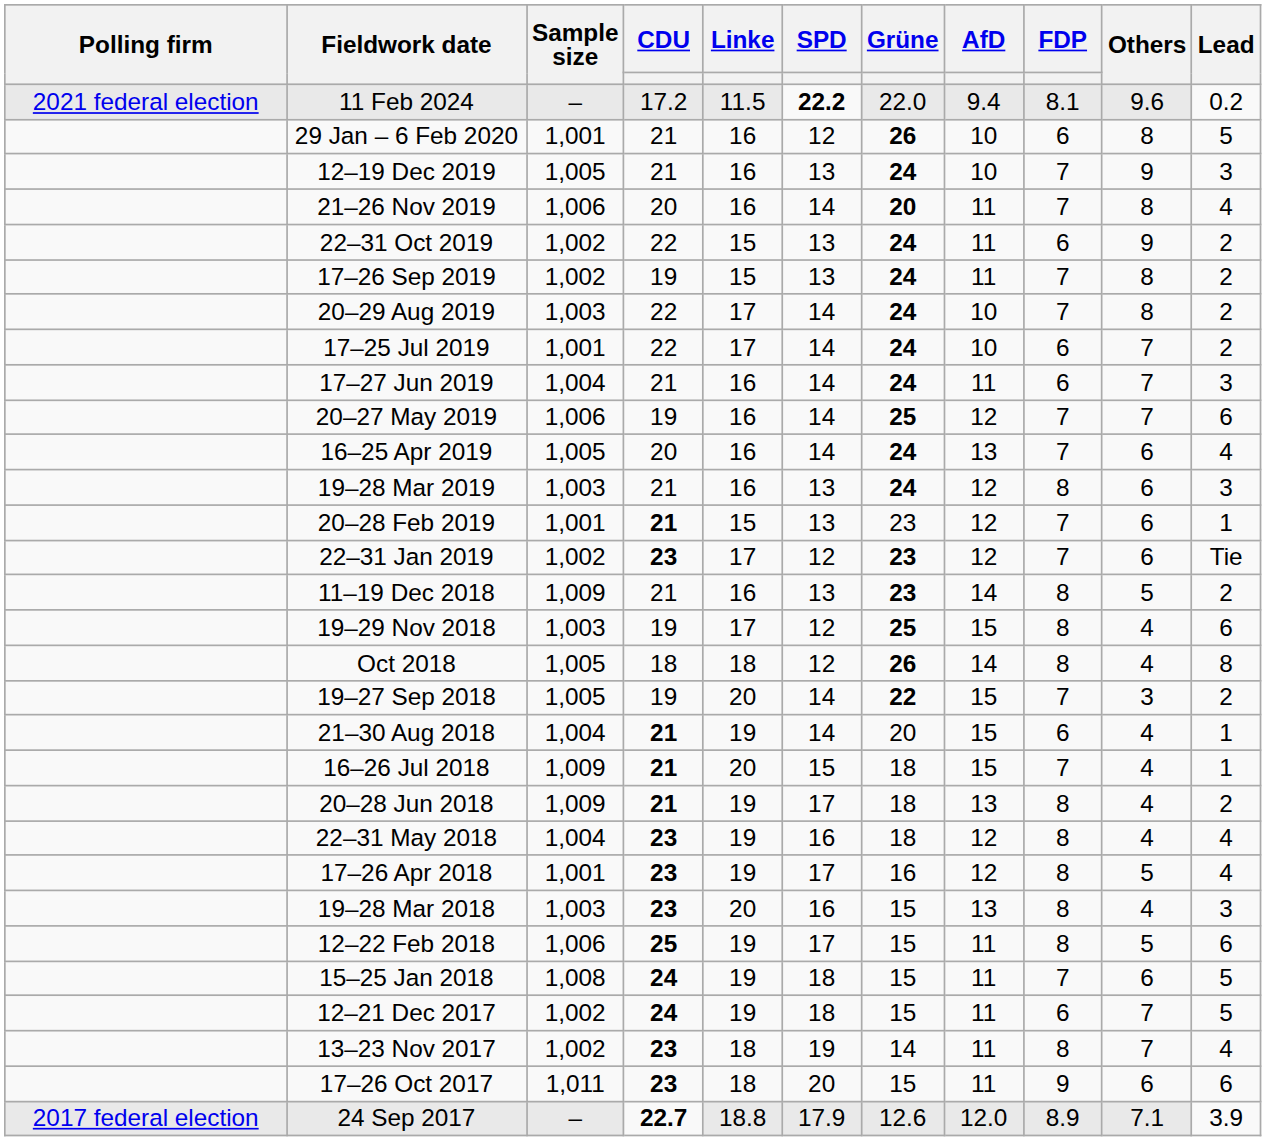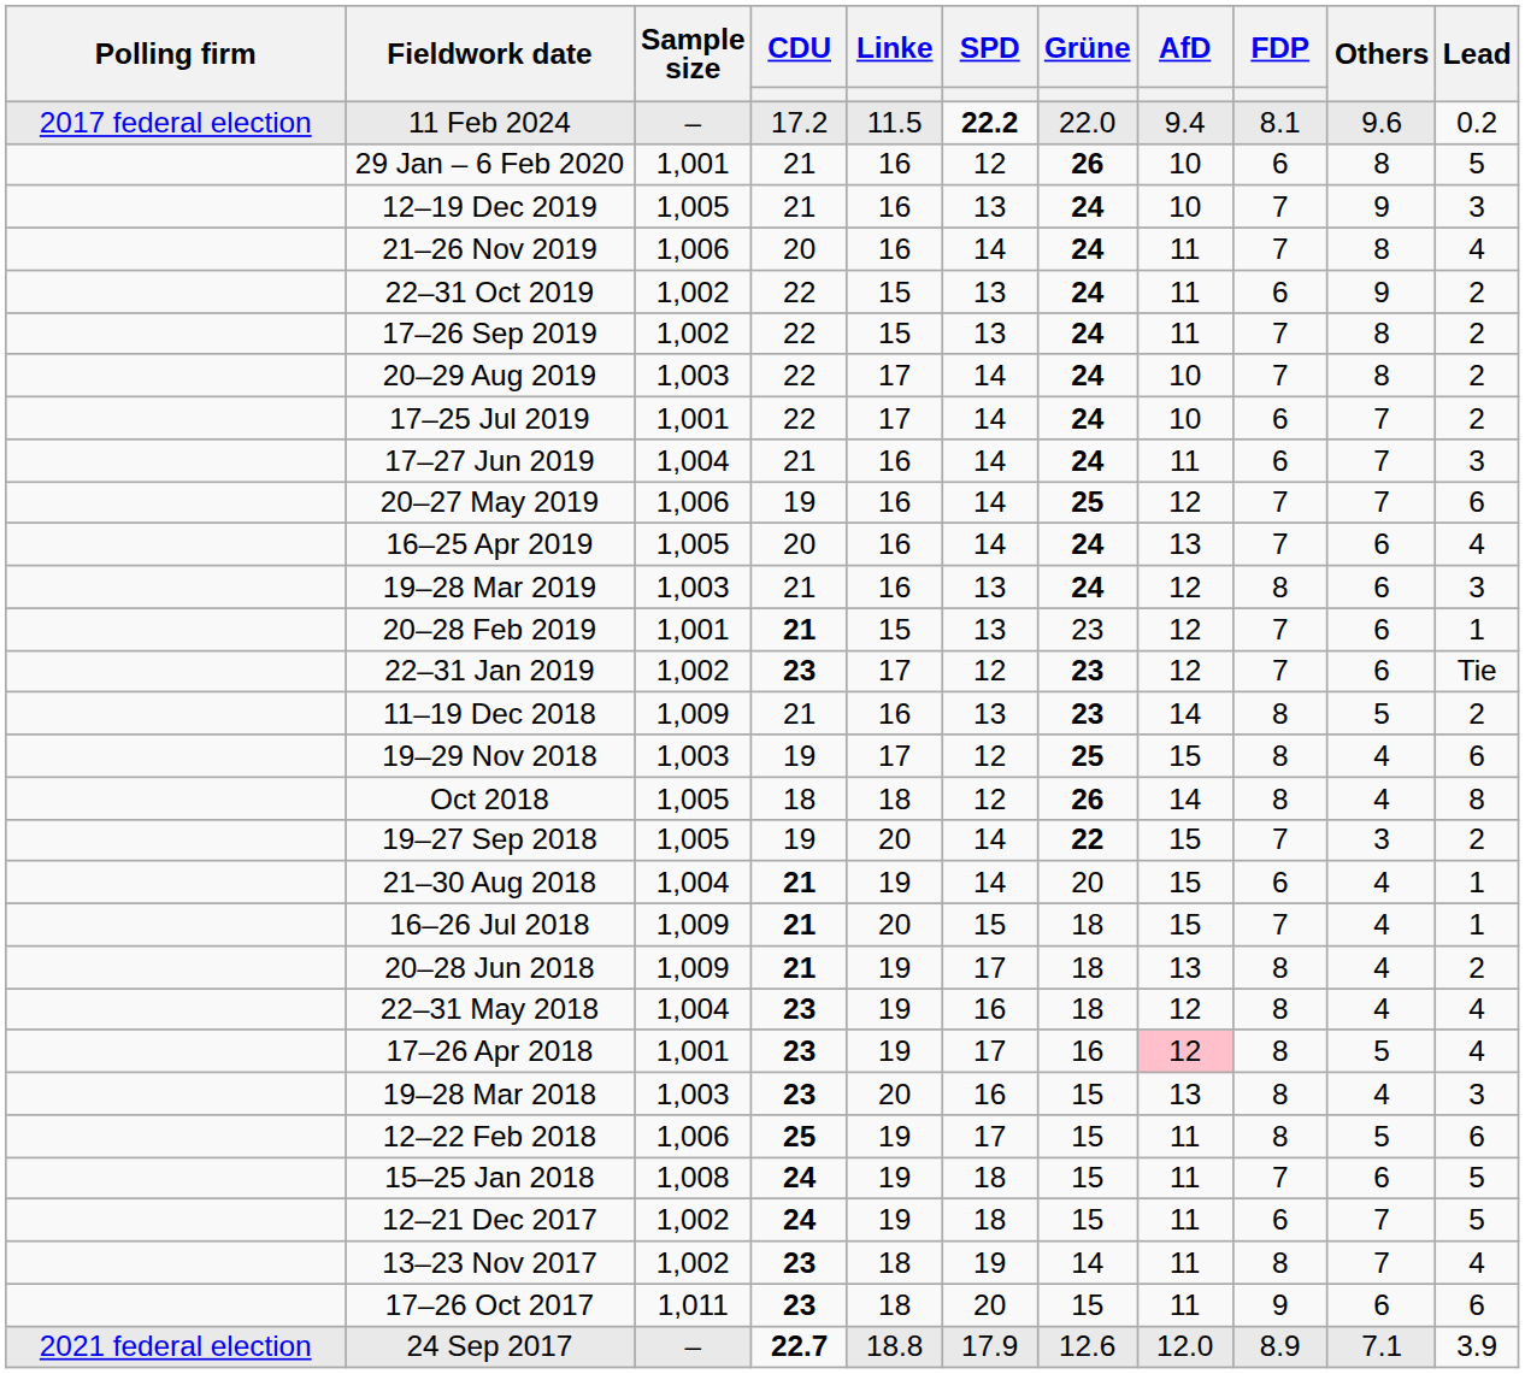 <table class="wikitable sortable mw-datatable" style="text-align:center;font-size:90%;line-height:14px;">
 <tr style="height:40px;">
 <th style="width:160px;" rowspan="2">Polling firm</th>
 <th style="width:135px;" rowspan="2">Fieldwork date</th>
 <th style="width:35px;" rowspan="2">Sample<br>size</th>
 <th class="unsortable" style="width:40px;"><a href='#'>CDU</a></th>
 <th class="unsortable" style="width:40px;"><a href='#'>Linke</a></th>
 <th class="unsortable" style="width:40px;"><a href='#'>SPD</a></th>
 <th class="unsortable" style="width:40px;"><a href='#'>Grüne</a></th>
 <th class="unsortable" style="width:40px;"><a href='#'>AfD</a></th>
 <th class="unsortable" style="width:40px;"><a href='#'>FDP</a></th>
 <th class="unsortable" style="width:30px;" rowspan="2">Others</th>
 <th style="width:30px;" rowspan="2">Lead</th>
 </tr>
 <tr>
 <th style="background:"></th>
 <th style="background:"></th>
 <th style="background:"></th>
 <th style="background:"></th>
 <th style="background:"></th>
 <th style="background:"></th>
 </tr>
 <tr>
-<td style="background:#E9E9E9;"><a href='#'>2021 federal election</a></td>
+<td style="background:#E9E9E9;"><a href='#'>2017 federal election</a></td>
 <td style="background:#E9E9E9;" data-sort-value="2024-02-11">11 Feb 2024</td>
 <td style="background:#E9E9E9;">–</td>
 <td style="background:#E9E9E9;">17.2</td>
 <td style="background:#E9E9E9;">11.5</td>
 <td><strong>22.2</strong></td>
 <td style="background:#E9E9E9;">22.0</td>
 <td style="background:#E9E9E9;">9.4</td>
 <td style="background:#E9E9E9;">8.1</td>
 <td style="background:#E9E9E9;">9.6</td>
 <td style="background:">0.2</td>
 </tr>
 <tr>
 <td></td>
 <td data-sort-value="2020-02-11">29 Jan – 6 Feb 2020</td>
 <td>1,001</td>
 <td>21</td>
 <td>16</td>
 <td>12</td>
 <td><strong>26</strong></td>
 <td>10</td>
 <td>6</td>
 <td>8</td>
 <td style="background:">5</td>
 </tr>
 <tr>
 <td></td>
 <td data-sort-value="2019-12-26">12–19 Dec 2019</td>
 <td>1,005</td>
 <td>21</td>
 <td>16</td>
 <td>13</td>
 <td><strong>24</strong></td>
 <td>10</td>
 <td>7</td>
 <td>9</td>
 <td style="background:">3</td>
 </tr>
 <tr>
 <td></td>
 <td data-sort-value="2019-11-26">21–26 Nov 2019</td>
 <td>1,006</td>
 <td>20</td>
 <td>16</td>
 <td>14</td>
-<td><strong>20</strong></td>
+<td><strong>24</strong></td>
 <td>11</td>
 <td>7</td>
 <td>8</td>
 <td style="background:">4</td>
 </tr>
 <tr>
 <td></td>
 <td data-sort-value="2019-10-31">22–31 Oct 2019</td>
 <td>1,002</td>
 <td>22</td>
 <td>15</td>
 <td>13</td>
 <td><strong>24</strong></td>
 <td>11</td>
 <td>6</td>
 <td>9</td>
 <td style="background:">2</td>
 </tr>
 <tr>
 <td></td>
 <td data-sort-value="2019-09-26">17–26 Sep 2019</td>
 <td>1,002</td>
-<td>19</td>
+<td>22</td>
 <td>15</td>
 <td>13</td>
 <td><strong>24</strong></td>
 <td>11</td>
 <td>7</td>
 <td>8</td>
 <td style="background:">2</td>
 </tr>
 <tr>
 <td></td>
 <td data-sort-value="2019-08-29">20–29 Aug 2019</td>
 <td>1,003</td>
 <td>22</td>
 <td>17</td>
 <td>14</td>
 <td><strong>24</strong></td>
 <td>10</td>
 <td>7</td>
 <td>8</td>
 <td style="background:">2</td>
 </tr>
 <tr>
 <td></td>
 <td data-sort-value="2019-06-27">17–25 Jul 2019</td>
 <td>1,001</td>
 <td>22</td>
 <td>17</td>
 <td>14</td>
 <td><strong>24</strong></td>
 <td>10</td>
 <td>6</td>
 <td>7</td>
 <td style="background:">2</td>
 </tr>
 <tr>
 <td></td>
 <td data-sort-value="2019-06-27">17–27 Jun 2019</td>
 <td>1,004</td>
 <td>21</td>
 <td>16</td>
 <td>14</td>
 <td><strong>24</strong></td>
 <td>11</td>
 <td>6</td>
 <td>7</td>
 <td style="background:">3</td>
 </tr>
 <tr>
 <td></td>
 <td data-sort-value="2019-05-27">20–27 May 2019</td>
 <td>1,006</td>
 <td>19</td>
 <td>16</td>
 <td>14</td>
 <td><strong>25</strong></td>
 <td>12</td>
 <td>7</td>
 <td>7</td>
 <td style="background:">6</td>
 </tr>
 <tr>
 <td></td>
 <td data-sort-value="2019-04-25">16–25 Apr 2019</td>
 <td>1,005</td>
 <td>20</td>
 <td>16</td>
 <td>14</td>
 <td><strong>24</strong></td>
 <td>13</td>
 <td>7</td>
 <td>6</td>
 <td style="background:">4</td>
 </tr>
 <tr>
 <td></td>
 <td data-sort-value="2019-03-28">19–28 Mar 2019</td>
 <td>1,003</td>
 <td>21</td>
 <td>16</td>
 <td>13</td>
 <td><strong>24</strong></td>
 <td>12</td>
 <td>8</td>
 <td>6</td>
 <td style="background:">3</td>
 </tr>
 <tr>
 <td></td>
 <td data-sort-value="2019-02-28">20–28 Feb 2019</td>
 <td>1,001</td>
 <td><strong>21</strong></td>
 <td>15</td>
 <td>13</td>
 <td>23</td>
 <td>12</td>
 <td>7</td>
 <td>6</td>
 <td style="background:">1</td>
 </tr>
 <tr>
 <td></td>
 <td data-sort-value="2019-01-31">22–31 Jan 2019</td>
 <td>1,002</td>
 <td><strong>23</strong></td>
 <td>17</td>
 <td>12</td>
 <td><strong>23</strong></td>
 <td>12</td>
 <td>7</td>
 <td>6</td>
 <td data-sort-value="0">Tie</td>
 </tr>
 <tr>
 <td></td>
 <td data-sort-value="2018-12-19">11–19 Dec 2018</td>
 <td>1,009</td>
 <td>21</td>
 <td>16</td>
 <td>13</td>
 <td><strong>23</strong></td>
 <td>14</td>
 <td>8</td>
 <td>5</td>
 <td style="background:">2</td>
 </tr>
 <tr>
 <td></td>
 <td data-sort-value="2018-11-29">19–29 Nov 2018</td>
 <td>1,003</td>
 <td>19</td>
 <td>17</td>
 <td>12</td>
 <td><strong>25</strong></td>
 <td>15</td>
 <td>8</td>
 <td>4</td>
 <td style="background:">6</td>
 </tr>
 <tr>
 <td></td>
 <td data-sort-value="2018-10">Oct 2018</td>
 <td>1,005</td>
 <td>18</td>
 <td>18</td>
 <td>12</td>
 <td><strong>26</strong></td>
 <td>14</td>
 <td>8</td>
 <td>4</td>
 <td style="background:">8</td>
 </tr>
 <tr>
 <td></td>
 <td data-sort-value="2018-09-27">19–27 Sep 2018</td>
 <td>1,005</td>
 <td>19</td>
 <td>20</td>
 <td>14</td>
 <td><strong>22</strong></td>
 <td>15</td>
 <td>7</td>
 <td>3</td>
 <td style="background:">2</td>
 </tr>
 <tr>
 <td></td>
 <td data-sort-value="2018-08-30">21–30 Aug 2018</td>
 <td>1,004</td>
 <td><strong>21</strong></td>
 <td>19</td>
 <td>14</td>
 <td>20</td>
 <td>15</td>
 <td>6</td>
 <td>4</td>
 <td style="background:">1</td>
 </tr>
 <tr>
 <td></td>
 <td data-sort-value="2018-07-26">16–26 Jul 2018</td>
 <td>1,009</td>
 <td><strong>21</strong></td>
 <td>20</td>
 <td>15</td>
 <td>18</td>
 <td>15</td>
 <td>7</td>
 <td>4</td>
 <td style="background:">1</td>
 </tr>
 <tr>
 <td></td>
 <td data-sort-value="2018-06-28">20–28 Jun 2018</td>
 <td>1,009</td>
 <td><strong>21</strong></td>
 <td>19</td>
 <td>17</td>
 <td>18</td>
 <td>13</td>
 <td>8</td>
 <td>4</td>
 <td style="background:">2</td>
 </tr>
 <tr>
 <td></td>
 <td data-sort-value="2018-05-31">22–31 May 2018</td>
 <td>1,004</td>
 <td><strong>23</strong></td>
 <td>19</td>
 <td>16</td>
 <td>18</td>
 <td>12</td>
 <td>8</td>
 <td>4</td>
 <td style="background:">4</td>
 </tr>
 <tr>
 <td></td>
 <td data-sort-value="2018-04-26">17–26 Apr 2018</td>
 <td>1,001</td>
 <td><strong>23</strong></td>
 <td>19</td>
 <td>17</td>
 <td>16</td>
-<td>12</td>
+<td style="background: pink;">12</td>
 <td>8</td>
 <td>5</td>
 <td style="background:">4</td>
 </tr>
 <tr>
 <td></td>
 <td data-sort-value="2018-03-28">19–28 Mar 2018</td>
 <td>1,003</td>
 <td><strong>23</strong></td>
 <td>20</td>
 <td>16</td>
 <td>15</td>
 <td>13</td>
 <td>8</td>
 <td>4</td>
 <td style="background:">3</td>
 </tr>
 <tr>
 <td></td>
 <td data-sort-value="2018-02-22">12–22 Feb 2018</td>
 <td>1,006</td>
 <td><strong>25</strong></td>
 <td>19</td>
 <td>17</td>
 <td>15</td>
 <td>11</td>
 <td>8</td>
 <td>5</td>
 <td style="background:">6</td>
 </tr>
 <tr>
 <td></td>
 <td data-sort-value="2018-01-25">15–25 Jan 2018</td>
 <td>1,008</td>
 <td><strong>24</strong></td>
 <td>19</td>
 <td>18</td>
 <td>15</td>
 <td>11</td>
 <td>7</td>
 <td>6</td>
 <td style="background:">5</td>
 </tr>
 <tr>
 <td></td>
 <td data-sort-value="2017-12-21">12–21 Dec 2017</td>
 <td>1,002</td>
 <td><strong>24</strong></td>
 <td>19</td>
 <td>18</td>
 <td>15</td>
 <td>11</td>
 <td>6</td>
 <td>7</td>
 <td style="background:">5</td>
 </tr>
 <tr>
 <td></td>
 <td data-sort-value="2017-11-23">13–23 Nov 2017</td>
 <td>1,002</td>
 <td><strong>23</strong></td>
 <td>18</td>
 <td>19</td>
 <td>14</td>
 <td>11</td>
 <td>8</td>
 <td>7</td>
 <td style="background:">4</td>
 </tr>
 <tr>
 <td></td>
 <td data-sort-value="2017-10-26">17–26 Oct 2017</td>
 <td>1,011</td>
 <td><strong>23</strong></td>
 <td>18</td>
 <td>20</td>
 <td>15</td>
 <td>11</td>
 <td>9</td>
 <td>6</td>
 <td style="background:">6</td>
 </tr>
 <tr>
-<td style="background:#E9E9E9;"><a href='#'>2017 federal election</a></td>
+<td style="background:#E9E9E9;"><a href='#'>2021 federal election</a></td>
 <td style="background:#E9E9E9;"data-sort-value="2017-09-24">24 Sep 2017</td>
 <td style="background:#E9E9E9;">–</td>
 <td><strong>22.7</strong></td>
 <td style="background:#E9E9E9;">18.8</td>
 <td style="background:#E9E9E9;">17.9</td>
 <td style="background:#E9E9E9;">12.6</td>
 <td style="background:#E9E9E9;">12.0</td>
 <td style="background:#E9E9E9;">8.9</td>
 <td style="background:#E9E9E9;">7.1</td>
 <td style="background:">3.9</td>
 </tr>
 </table>
